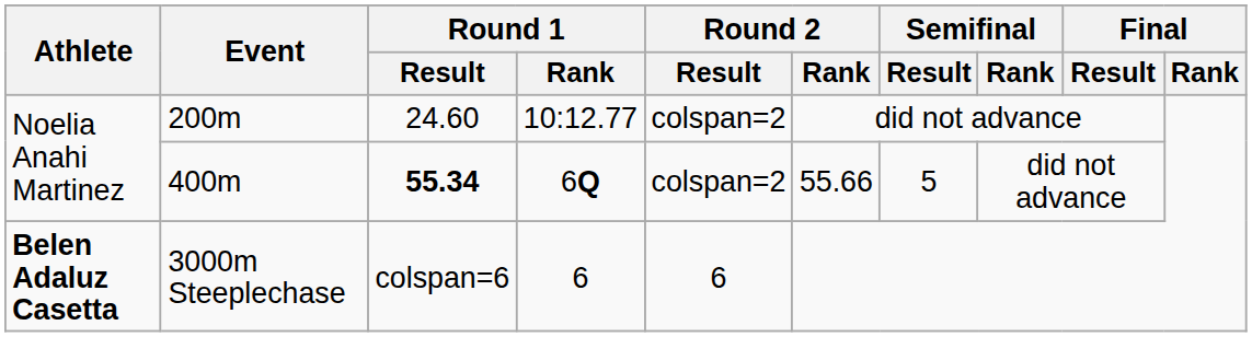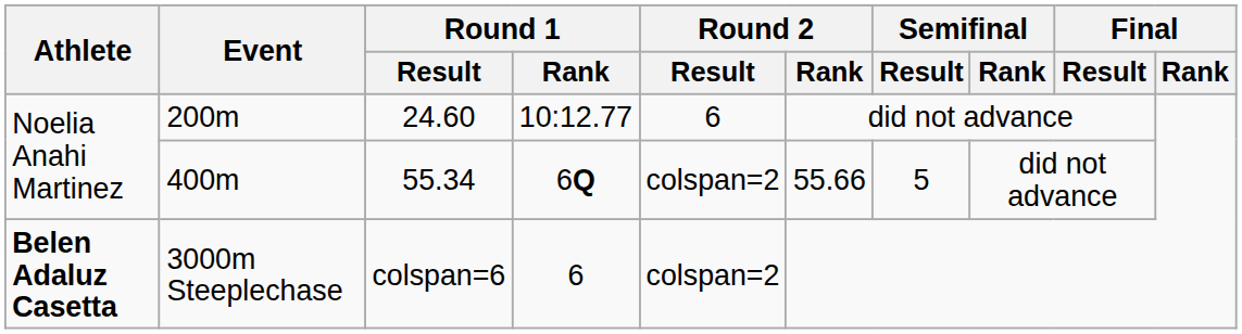 <table class="wikitable" style="font-size:90%">
 <tr>
 <th rowspan="2">Athlete</th>
 <th rowspan="2">Event</th>
 <th colspan="2">Round 1</th>
 <th colspan="2">Round 2</th>
 <th colspan="2">Semifinal</th>
 <th colspan="2">Final</th>
 </tr>
 <tr style="font-size:95%">
 <th>Result</th>
 <th>Rank</th>
 <th>Result</th>
 <th>Rank</th>
 <th>Result</th>
 <th>Rank</th>
 <th>Result</th>
 <th>Rank</th>
 </tr>
 <tr align=center>
 <td align=left rowspan=2>Noelia Anahi Martinez</td>
 <td align=left>200m</td>
 <td>24.60</td>
 <td>10:12.77</td>
-<td>colspan=2 </td>
+<td>6</td>
 <td colspan=4>did not advance</td>
 </tr>
 <tr align=center>
 <td align=left>400m</td>
-<td><strong>55.34</strong></td>
+<td>55.34</td>
 <td>6<strong>Q</strong></td>
 <td>colspan=2 </td>
 <td>55.66</td>
 <td>5</td>
 <td colspan=2>did not advance</td>
 </tr>
 <tr align=center>
 <td align=left><strong>Belen Adaluz Casetta</strong></td>
 <td align=left>3000m Steeplechase</td>
 <td>colspan=6 </td>
 <td>6</td>
-<td>6</td>
+<td>colspan=2 </td>
 </tr>
 </table>
